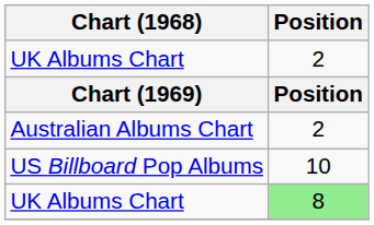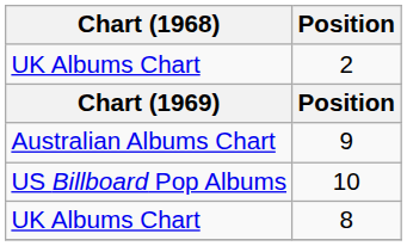 <table class="wikitable" style="text-align:center;">
 <tr>
 <th>Chart (1968)</th>
 <th>Position</th>
 </tr>
 <tr>
 <td align="left"><a href='#'>UK Albums Chart</a></td>
 <td>2</td>
 </tr>
 <tr>
 <th>Chart (1969)</th>
 <th>Position</th>
 </tr>
 <tr>
 <td align="left"><a href='#'>Australian Albums Chart</a></td>
-<td>2</td>
+<td>9</td>
 </tr>
 <tr>
 <td align="left"><a href='#'>US <em>Billboard</em> Pop Albums</a></td>
 <td>10</td>
 </tr>
 <tr>
 <td align="left"><a href='#'>UK Albums Chart</a></td>
-<td style="background: lightgreen;">8</td>
+<td>8</td>
 </tr>
 <tr>
 </tr>
 </table>
